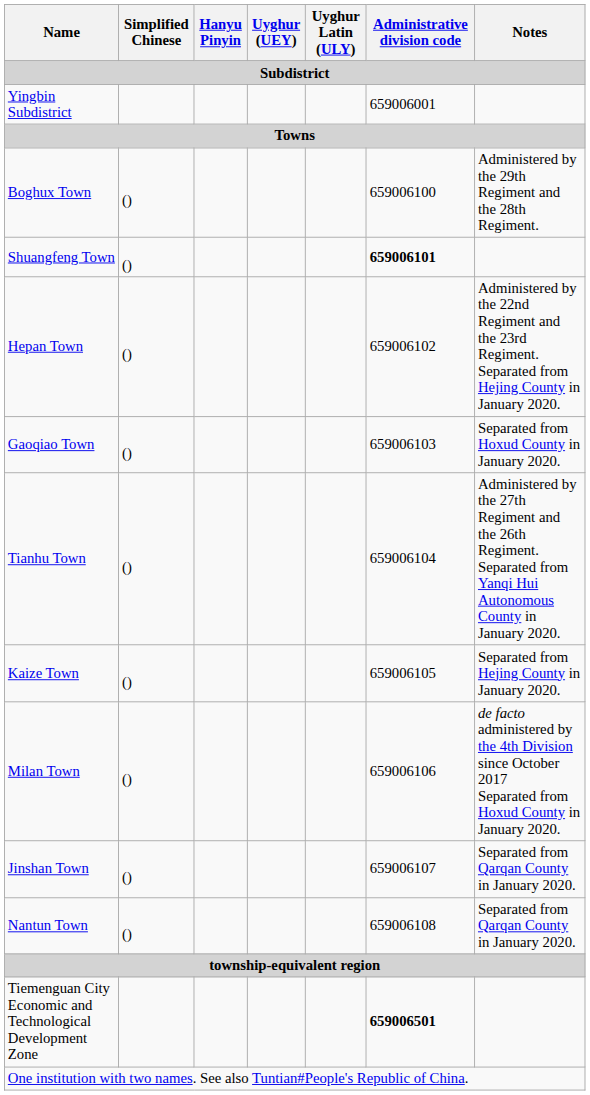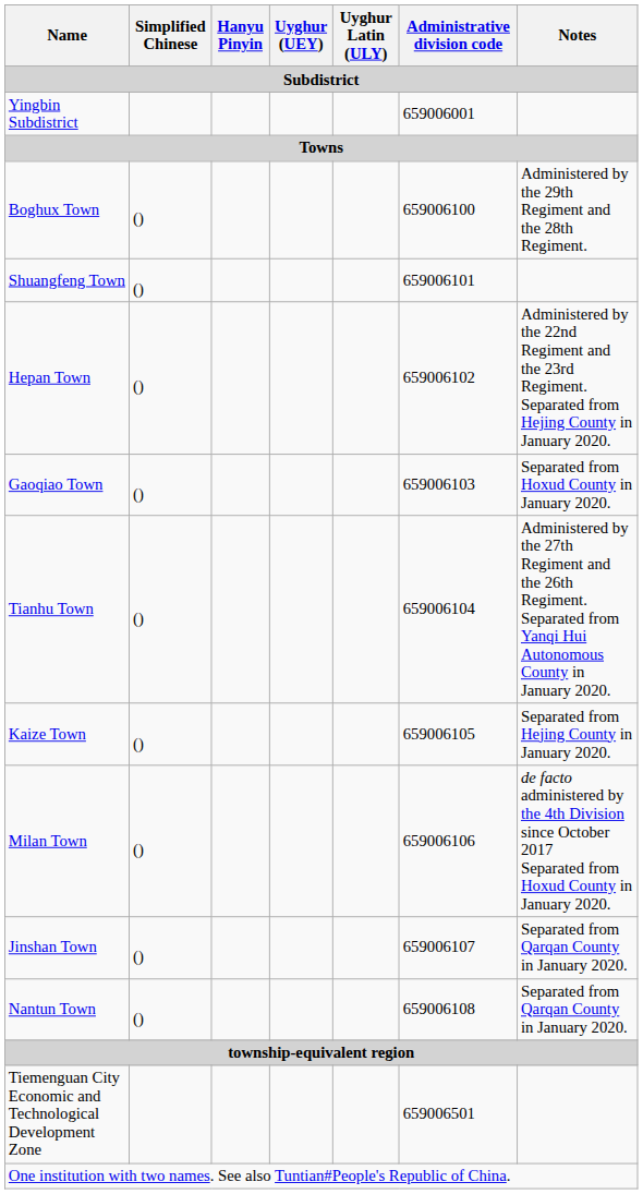 <table class="wikitable" align="center" style="width:50%; border="1">
 <tr>
 <th>Name</th>
 <th>Simplified Chinese</th>
 <th><a href='#'>Hanyu Pinyin</a></th>
 <th><a href='#'>Uyghur</a> (<a href='#'>UEY</a>)</th>
 <th>Uyghur Latin (<a href='#'>ULY</a>)</th>
 <th><a href='#'>Administrative division code</a></th>
 <th>Notes</th>
 </tr>
 <tr --------->
 <td colspan="8"  style="text-align:center; background:#d3d3d3;"><strong>Subdistrict</strong></td>
 </tr>
 <tr --------->
 <td><a href='#'>Yingbin Subdistrict</a></td>
 <td></td>
 <td></td>
 <td></td>
 <td></td>
 <td>659006001</td>
 <td></td>
 </tr>
 <tr --------->
 <td colspan="8"  style="text-align:center; background:#d3d3d3;"><strong>Towns</strong></td>
 </tr>
 <tr --------->
 <td><a href='#'>Boghux Town</a><br></td>
 <td><br>()</td>
 <td></td>
 <td></td>
 <td></td>
 <td>659006100</td>
 <td>Administered by the 29th Regiment and the 28th Regiment.</td>
 </tr>
 <tr>
 <td><a href='#'>Shuangfeng Town</a><br></td>
 <td><br>()</td>
 <td></td>
 <td></td>
 <td></td>
-<td><strong>659006101</strong></td>
+<td>659006101</td>
 <td></td>
 </tr>
 <tr>
 <td><a href='#'>Hepan Town</a><br></td>
 <td><br>()</td>
 <td></td>
 <td></td>
 <td></td>
 <td>659006102</td>
 <td>Administered by the 22nd Regiment and the 23rd Regiment.<br>Separated from <a href='#'>Hejing County</a> in January 2020.</td>
 </tr>
 <tr>
 <td><a href='#'>Gaoqiao Town</a><br></td>
 <td><br>()</td>
 <td></td>
 <td></td>
 <td></td>
 <td>659006103</td>
 <td>Separated from <a href='#'>Hoxud County</a> in January 2020.</td>
 </tr>
 <tr>
 <td><a href='#'>Tianhu Town</a><br></td>
 <td><br>()</td>
 <td></td>
 <td></td>
 <td></td>
 <td>659006104</td>
 <td>Administered by the 27th Regiment and the 26th Regiment.<br>Separated from <a href='#'>Yanqi Hui Autonomous County</a> in January 2020.</td>
 </tr>
 <tr>
 <td><a href='#'>Kaize Town</a><br></td>
 <td><br>()</td>
 <td></td>
 <td></td>
 <td></td>
 <td>659006105</td>
 <td>Separated from <a href='#'>Hejing County</a> in January 2020.</td>
 </tr>
 <tr>
 <td><a href='#'>Milan Town</a><br></td>
 <td><br>()</td>
 <td></td>
 <td></td>
 <td></td>
 <td>659006106</td>
 <td><em>de facto</em> administered by <a href='#'>the 4th Division</a> since October 2017 <br>Separated from <a href='#'>Hoxud County</a> in January 2020.</td>
 </tr>
 <tr>
 <td><a href='#'>Jinshan Town</a><br></td>
 <td><br>()</td>
 <td></td>
 <td></td>
 <td></td>
 <td>659006107</td>
 <td>Separated from <a href='#'>Qarqan County</a> in January 2020.</td>
 </tr>
 <tr>
 <td><a href='#'>Nantun Town</a><br></td>
 <td><br>()</td>
 <td></td>
 <td></td>
 <td></td>
 <td>659006108</td>
 <td>Separated from <a href='#'>Qarqan County</a> in January 2020.</td>
 </tr>
 <tr --------->
 <td colspan="8"  style="text-align:center; background:#d3d3d3;"><strong>township-equivalent region</strong></td>
 </tr>
 <tr --------->
 <td>Tiemenguan City Economic and Technological Development Zone</td>
 <td></td>
 <td></td>
 <td></td>
 <td></td>
-<td><strong>659006501</strong></td>
+<td>659006501</td>
 <td></td>
 </tr>
 <tr --------->
 <td colspan="8"><div> <a href='#'>One institution with two names</a>. See also <a href='#'>Tuntian#People's Republic of China</a>.<br></div></td>
 </tr>
 </table>
